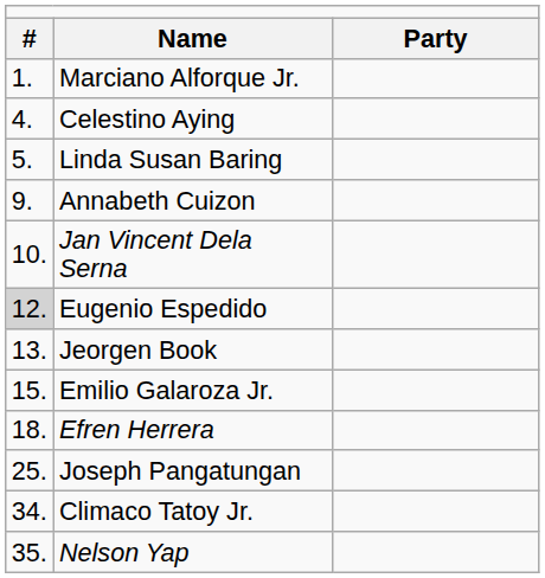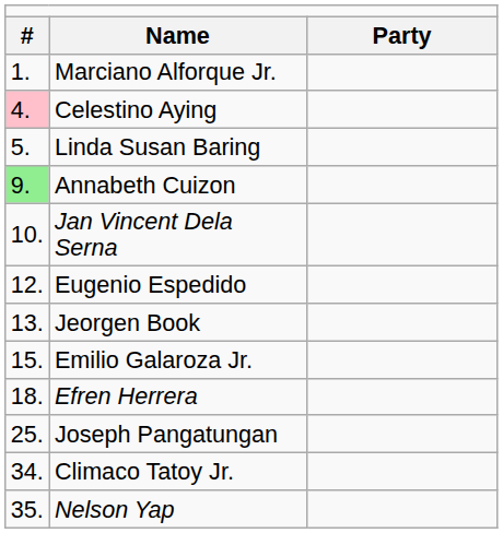 <table class=wikitable style="font-size:90%">
 <tr>
 <td colspan=4 bgcolor=></td>
 </tr>
 <tr>
 <th>#</th>
 <th width=150px>Name</th>
 <th colspan=2 width=110px>Party</th>
 </tr>
 <tr>
 <td>1.</td>
 <td>Marciano Alforque Jr.</td>
 <td></td>
 </tr>
 <tr>
-<td>4.</td>
+<td style="background: pink;">4.</td>
 <td>Celestino Aying</td>
 <td></td>
 </tr>
 <tr>
 <td>5.</td>
 <td>Linda Susan Baring</td>
 <td></td>
 </tr>
 <tr>
-<td>9.</td>
+<td style="background: lightgreen;">9.</td>
 <td>Annabeth Cuizon</td>
 <td></td>
 </tr>
 <tr>
 <td>10.</td>
 <td><em>Jan Vincent Dela Serna</em></td>
 <td></td>
 </tr>
 <tr>
-<td style="background: lightgrey;">12.</td>
+<td>12.</td>
 <td>Eugenio Espedido</td>
 <td></td>
 </tr>
 <tr>
 <td>13.</td>
 <td>Jeorgen Book</td>
 <td></td>
 </tr>
 <tr>
 <td>15.</td>
 <td>Emilio Galaroza Jr.</td>
 <td></td>
 </tr>
 <tr>
 <td>18.</td>
 <td><em>Efren Herrera</em></td>
 <td></td>
 </tr>
 <tr>
 <td>25.</td>
 <td>Joseph Pangatungan</td>
 <td></td>
 </tr>
 <tr>
 <td>34.</td>
 <td>Climaco Tatoy Jr.</td>
 <td></td>
 </tr>
 <tr>
 <td>35.</td>
 <td><em>Nelson Yap</em></td>
 <td></td>
 </tr>
 </table>
